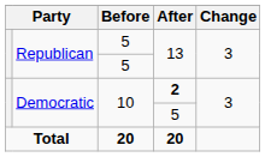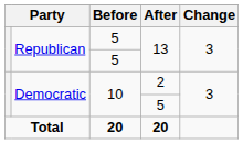 <table class="wikitable" style="text-align:center;">
 <tr>
 </tr>
 <tr>
 <th colspan=2>Party</th>
 <th>Before</th>
 <th>After</th>
 <th>Change</th>
 </tr>
 <tr>
 <th rowspan=2 style="background-color:"></th>
 <td rowspan=2 style="text-align:left;"><a href='#'>Republican</a></td>
 <td>5</td>
 <td rowspan=2 >13</td>
 <td rowspan=2> 3</td>
 </tr>
 <tr>
 <td>5</td>
 </tr>
 <tr>
 <th rowspan=2 style="background-color:"></th>
 <td rowspan=2 style="text-align:left;"><a href='#'>Democratic</a></td>
 <td rowspan=2 >10</td>
-<td><strong>2</strong></td>
+<td>2</td>
 <td rowspan=2> 3</td>
 </tr>
 <tr>
 <td>5</td>
 </tr>
 <tr>
 <td colspan=2><strong>Total</strong></td>
 <td><strong>20</strong></td>
 <td><strong>20</strong></td>
 <td></td>
 </tr>
 </table>
